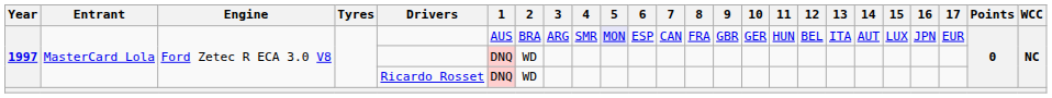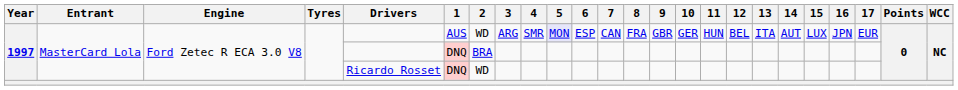 <table class="wikitable" style="text-align:center; font-size:90%">
 <tr>
 <th>Year</th>
 <th>Entrant</th>
 <th>Engine</th>
 <th>Tyres</th>
 <th>Drivers</th>
 <th>1</th>
 <th>2</th>
 <th>3</th>
 <th>4</th>
 <th>5</th>
 <th>6</th>
 <th>7</th>
 <th>8</th>
 <th>9</th>
 <th>10</th>
 <th>11</th>
 <th>12</th>
 <th>13</th>
 <th>14</th>
 <th>15</th>
 <th>16</th>
 <th>17</th>
 <th>Points</th>
 <th>WCC</th>
 </tr>
 <tr>
 <th rowspan="3"><a href='#'>1997</a></th>
 <td rowspan="3"><a href='#'>MasterCard Lola</a></td>
 <td rowspan="3"><a href='#'>Ford</a> Zetec R ECA 3.0 <a href='#'>V8</a></td>
 <td rowspan="3"></td>
 <td></td>
 <td><a href='#'>AUS</a></td>
-<td><a href='#'>BRA</a></td>
+<td>WD</td>
 <td><a href='#'>ARG</a></td>
 <td><a href='#'>SMR</a></td>
 <td style="background: lavender;"><a href='#'>MON</a></td>
 <td><a href='#'>ESP</a></td>
 <td><a href='#'>CAN</a></td>
 <td><a href='#'>FRA</a></td>
 <td><a href='#'>GBR</a></td>
 <td><a href='#'>GER</a></td>
 <td><a href='#'>HUN</a></td>
 <td><a href='#'>BEL</a></td>
 <td><a href='#'>ITA</a></td>
 <td><a href='#'>AUT</a></td>
 <td><a href='#'>LUX</a></td>
 <td><a href='#'>JPN</a></td>
 <td><a href='#'>EUR</a></td>
 <th rowspan="3">0</th>
 <th rowspan="3">NC</th>
 </tr>
 <tr>
 <td align="left"></td>
 <td style="background:#FFCFCF;">DNQ</td>
-<td>WD</td>
+<td><a href='#'>BRA</a></td>
 <td></td>
 <td></td>
 <td></td>
 <td></td>
 <td></td>
 <td></td>
 <td></td>
 <td></td>
 <td></td>
 <td></td>
 <td></td>
 <td></td>
 <td></td>
 <td></td>
 <td></td>
 </tr>
 <tr>
 <td align="left"> <a href='#'>Ricardo Rosset</a></td>
 <td style="background:#FFCFCF;">DNQ</td>
 <td>WD</td>
 <td></td>
 <td></td>
 <td></td>
 <td></td>
 <td></td>
 <td></td>
 <td></td>
 <td></td>
 <td></td>
 <td></td>
 <td></td>
 <td></td>
 <td></td>
 <td></td>
 <td></td>
 </tr>
 <tr>
 <th colspan="24"></th>
 </tr>
 </table>
